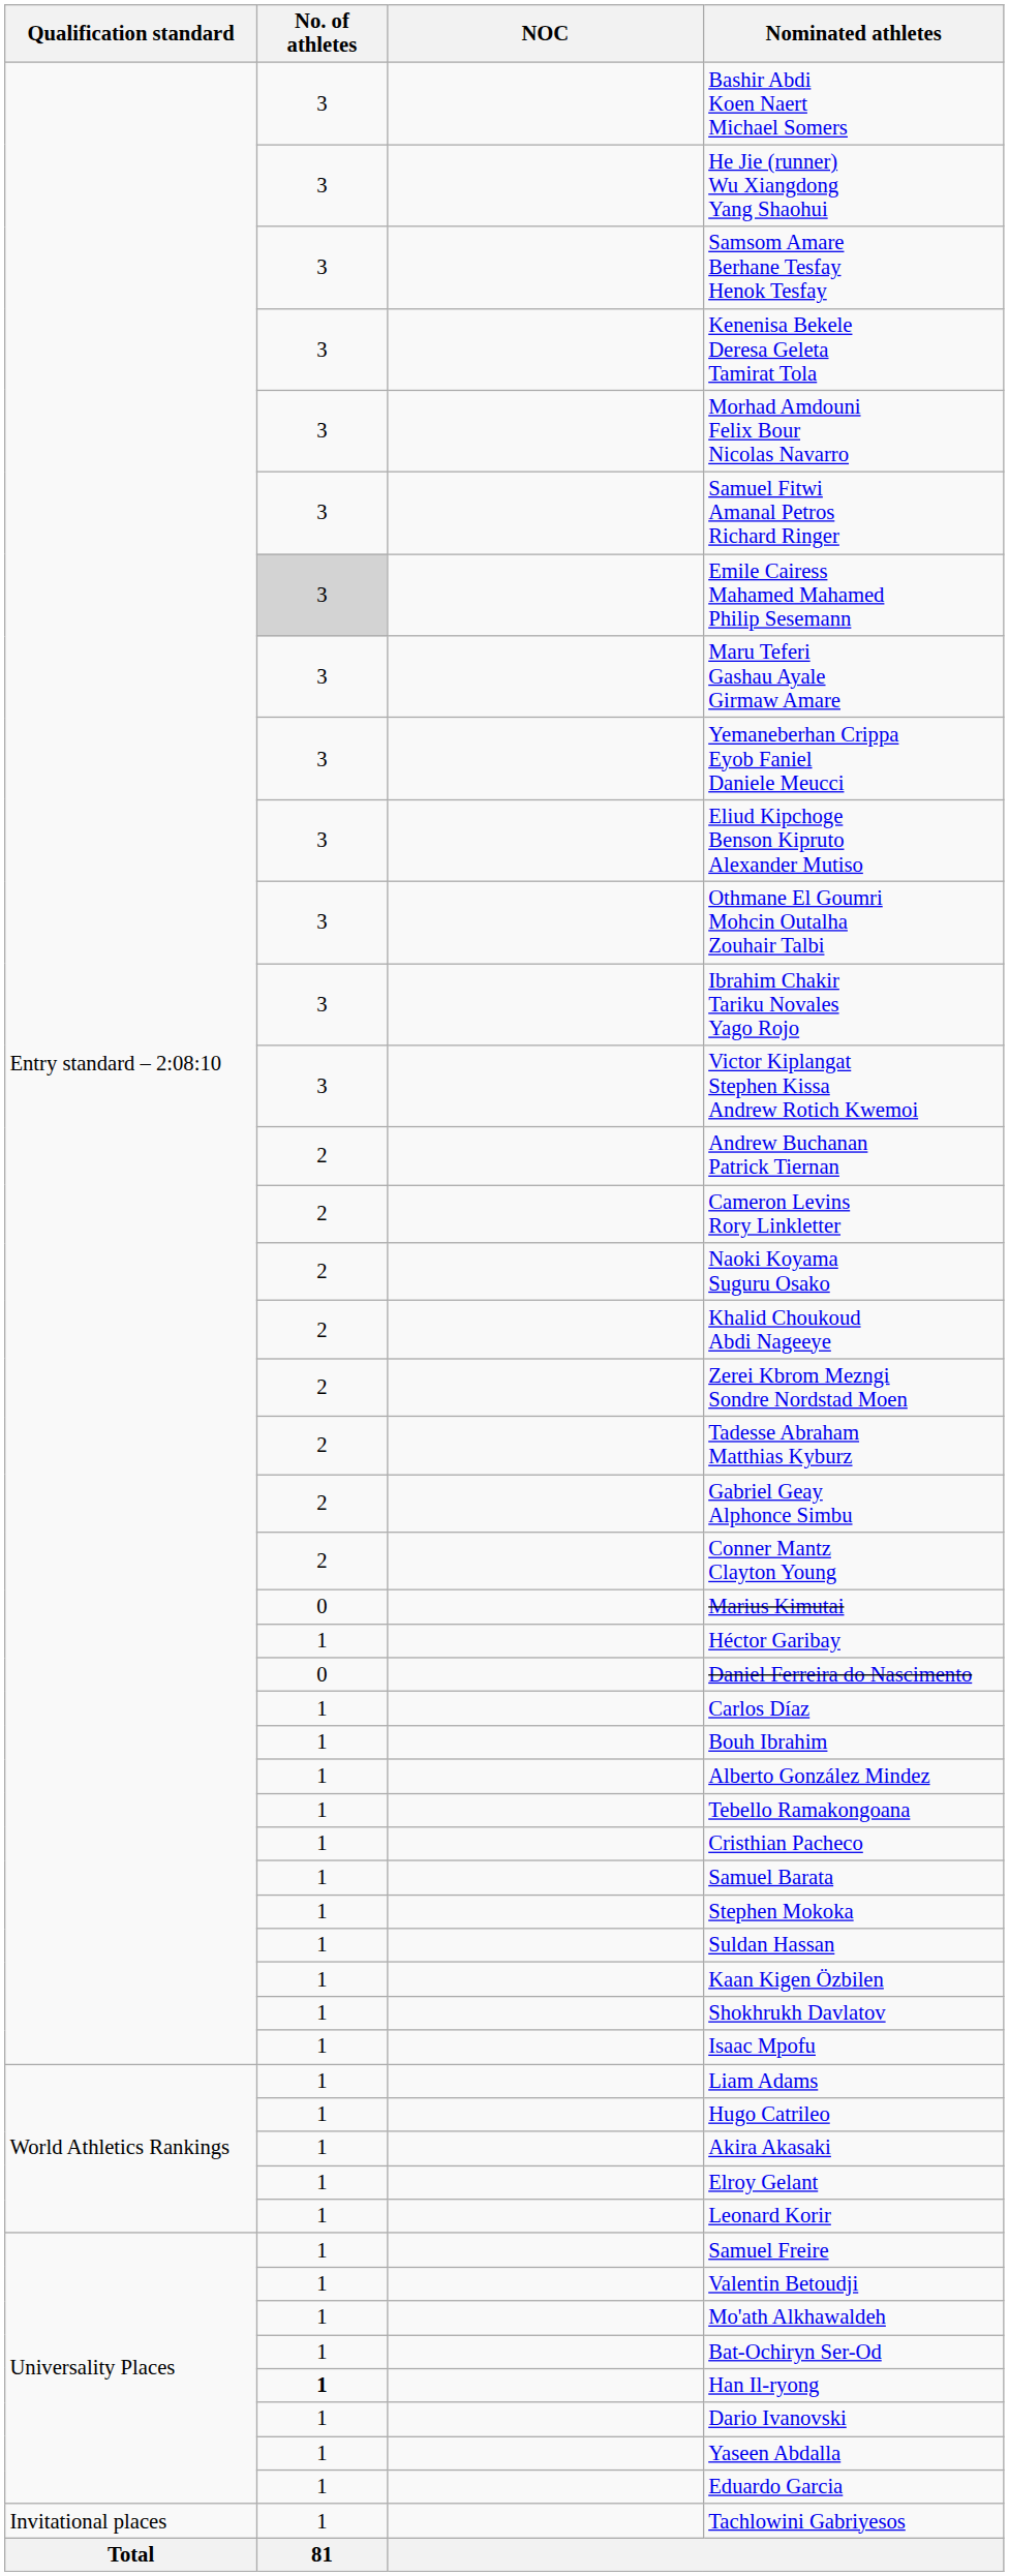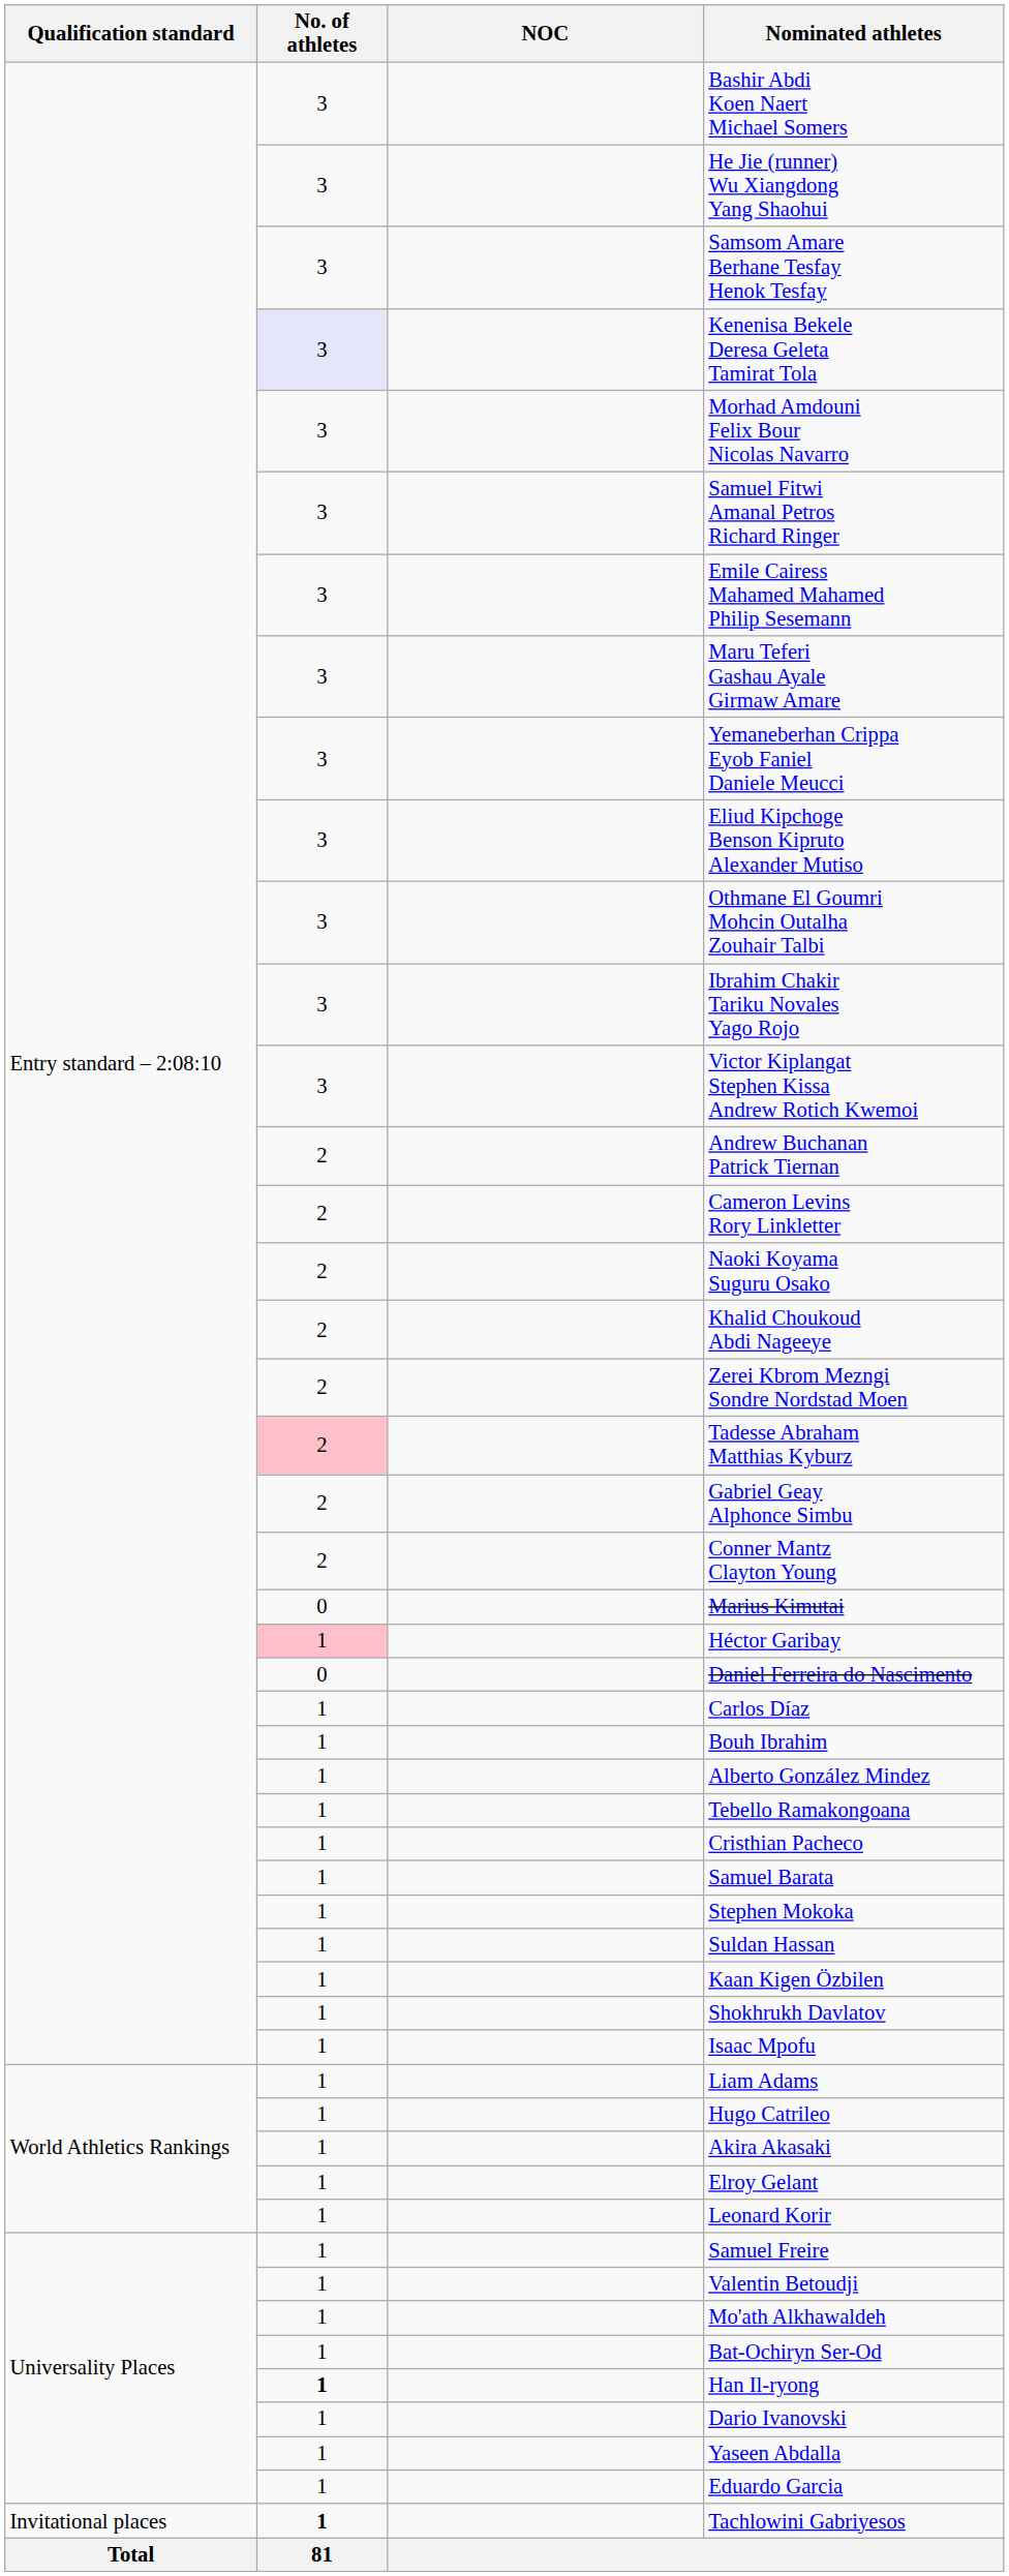 <table class="wikitable sortable" style="text-align:left; width:750px;">
 <tr>
 <th>Qualification standard</th>
 <th width=90>No. of athletes</th>
 <th width=230>NOC</th>
 <th>Nominated athletes</th>
 </tr>
 <tr>
 <td rowspan=35>Entry standard – 2:08:10</td>
 <td align=center>3</td>
 <td></td>
 <td><a href='#'>Bashir Abdi</a><br><a href='#'>Koen Naert</a><br><a href='#'>Michael Somers</a></td>
 </tr>
 <tr>
 <td align=center>3</td>
 <td></td>
 <td><a href='#'>He Jie (runner)</a><br><a href='#'>Wu Xiangdong</a><br><a href='#'>Yang Shaohui</a></td>
 </tr>
 <tr>
 <td align=center>3</td>
 <td></td>
 <td><a href='#'>Samsom Amare</a><br><a href='#'>Berhane Tesfay</a><br><a href='#'>Henok Tesfay</a></td>
 </tr>
 <tr>
-<td align=center>3</td>
+<td align=center style="background: lavender;">3</td>
 <td></td>
 <td><a href='#'>Kenenisa Bekele</a><br><a href='#'>Deresa Geleta</a><br><a href='#'>Tamirat Tola</a></td>
 </tr>
 <tr>
 <td align=center>3</td>
 <td></td>
 <td><a href='#'>Morhad Amdouni</a><br><a href='#'>Felix Bour</a><br><a href='#'>Nicolas Navarro</a></td>
 </tr>
 <tr>
 <td align=center>3</td>
 <td></td>
 <td><a href='#'>Samuel Fitwi</a><br><a href='#'>Amanal Petros</a><br><a href='#'>Richard Ringer</a></td>
 </tr>
 <tr>
-<td align=center style="background: lightgrey;">3</td>
+<td align=center>3</td>
 <td></td>
 <td><a href='#'>Emile Cairess</a><br><a href='#'>Mahamed Mahamed</a><br><a href='#'>Philip Sesemann</a></td>
 </tr>
 <tr>
 <td align=center>3</td>
 <td></td>
 <td><a href='#'>Maru Teferi</a><br><a href='#'>Gashau Ayale</a><br><a href='#'>Girmaw Amare</a></td>
 </tr>
 <tr>
 <td align=center>3</td>
 <td></td>
 <td><a href='#'>Yemaneberhan Crippa</a><br><a href='#'>Eyob Faniel</a><br><a href='#'>Daniele Meucci</a></td>
 </tr>
 <tr>
 <td align=center>3</td>
 <td></td>
 <td><a href='#'>Eliud Kipchoge</a><br><a href='#'>Benson Kipruto</a><br><a href='#'>Alexander Mutiso</a></td>
 </tr>
 <tr>
 <td align=center>3</td>
 <td></td>
 <td><a href='#'>Othmane El Goumri</a><br><a href='#'>Mohcin Outalha</a><br><a href='#'>Zouhair Talbi</a></td>
 </tr>
 <tr>
 <td align=center>3</td>
 <td></td>
 <td><a href='#'>Ibrahim Chakir</a><br><a href='#'>Tariku Novales</a><br><a href='#'>Yago Rojo</a></td>
 </tr>
 <tr>
 <td align=center>3</td>
 <td></td>
 <td><a href='#'>Victor Kiplangat</a><br><a href='#'>Stephen Kissa</a><br><a href='#'>Andrew Rotich Kwemoi</a></td>
 </tr>
 <tr>
 <td align=center>2</td>
 <td></td>
 <td><a href='#'>Andrew Buchanan</a><br><a href='#'>Patrick Tiernan</a></td>
 </tr>
 <tr>
 <td align=center>2</td>
 <td></td>
 <td><a href='#'>Cameron Levins</a><br><a href='#'>Rory Linkletter</a></td>
 </tr>
 <tr>
 <td align=center>2</td>
 <td></td>
 <td><a href='#'>Naoki Koyama</a><br><a href='#'>Suguru Osako</a></td>
 </tr>
 <tr>
 <td align=center>2</td>
 <td></td>
 <td><a href='#'>Khalid Choukoud</a><br><a href='#'>Abdi Nageeye</a></td>
 </tr>
 <tr>
 <td align=center>2</td>
 <td></td>
 <td><a href='#'>Zerei Kbrom Mezngi</a><br><a href='#'>Sondre Nordstad Moen</a></td>
 </tr>
 <tr>
-<td align=center>2</td>
+<td align=center style="background: pink;">2</td>
 <td></td>
 <td><a href='#'>Tadesse Abraham</a><br><a href='#'>Matthias Kyburz</a></td>
 </tr>
 <tr>
 <td align=center>2</td>
 <td></td>
 <td><a href='#'>Gabriel Geay</a><br><a href='#'>Alphonce Simbu</a></td>
 </tr>
 <tr>
 <td align=center>2</td>
 <td></td>
 <td><a href='#'>Conner Mantz</a><br><a href='#'>Clayton Young</a></td>
 </tr>
 <tr>
 <td align=center>0</td>
 <td></td>
 <td><s><a href='#'>Marius Kimutai</a></s></td>
 </tr>
 <tr>
-<td align=center>1</td>
+<td align=center style="background: pink;">1</td>
 <td></td>
 <td><a href='#'>Héctor Garibay</a></td>
 </tr>
 <tr>
 <td align=center>0</td>
 <td></td>
 <td><s><a href='#'>Daniel Ferreira do Nascimento</a></s></td>
 </tr>
 <tr>
 <td align=center>1</td>
 <td></td>
 <td><a href='#'>Carlos Díaz</a></td>
 </tr>
 <tr>
 <td align=center>1</td>
 <td></td>
 <td><a href='#'>Bouh Ibrahim</a></td>
 </tr>
 <tr>
 <td align=center>1</td>
 <td></td>
 <td><a href='#'>Alberto González Mindez</a></td>
 </tr>
 <tr>
 <td align=center>1</td>
 <td></td>
 <td><a href='#'>Tebello Ramakongoana</a></td>
 </tr>
 <tr>
 <td align=center>1</td>
 <td></td>
 <td><a href='#'>Cristhian Pacheco</a></td>
 </tr>
 <tr>
 <td align=center>1</td>
 <td></td>
 <td><a href='#'>Samuel Barata</a></td>
 </tr>
 <tr>
 <td align=center>1</td>
 <td></td>
 <td><a href='#'>Stephen Mokoka</a></td>
 </tr>
 <tr>
 <td align=center>1</td>
 <td></td>
 <td><a href='#'>Suldan Hassan</a></td>
 </tr>
 <tr>
 <td align=center>1</td>
 <td></td>
 <td><a href='#'>Kaan Kigen Özbilen</a></td>
 </tr>
 <tr>
 <td align=center>1</td>
 <td></td>
 <td><a href='#'>Shokhrukh Davlatov</a></td>
 </tr>
 <tr>
 <td align=center>1</td>
 <td></td>
 <td><a href='#'>Isaac Mpofu</a></td>
 </tr>
 <tr>
 <td rowspan=5>World Athletics Rankings</td>
 <td align=center>1</td>
 <td></td>
 <td><a href='#'>Liam Adams</a></td>
 </tr>
 <tr>
 <td align=center>1</td>
 <td></td>
 <td><a href='#'>Hugo Catrileo</a></td>
 </tr>
 <tr>
 <td align=center>1</td>
 <td></td>
 <td><a href='#'>Akira Akasaki</a></td>
 </tr>
 <tr>
 <td align=center>1</td>
 <td></td>
 <td><a href='#'>Elroy Gelant</a></td>
 </tr>
 <tr>
 <td align=center>1</td>
 <td></td>
 <td><a href='#'>Leonard Korir</a></td>
 </tr>
 <tr>
 <td rowspan=8>Universality Places</td>
 <td align=center>1</td>
 <td></td>
 <td><a href='#'>Samuel Freire</a></td>
 </tr>
 <tr>
 <td align=center>1</td>
 <td></td>
 <td><a href='#'>Valentin Betoudji</a></td>
 </tr>
 <tr>
 <td align=center>1</td>
 <td></td>
 <td><a href='#'>Mo'ath Alkhawaldeh</a></td>
 </tr>
 <tr>
 <td align=center>1</td>
 <td></td>
 <td><a href='#'>Bat-Ochiryn Ser-Od</a></td>
 </tr>
 <tr>
 <td align=center><strong>1</strong></td>
 <td></td>
 <td><a href='#'>Han Il-ryong</a></td>
 </tr>
 <tr>
 <td align=center>1</td>
 <td></td>
 <td><a href='#'>Dario Ivanovski</a></td>
 </tr>
 <tr>
 <td align=center>1</td>
 <td></td>
 <td><a href='#'>Yaseen Abdalla</a></td>
 </tr>
 <tr>
 <td align=center>1</td>
 <td></td>
 <td><a href='#'>Eduardo Garcia</a></td>
 </tr>
 <tr>
 <td>Invitational places</td>
-<td align=center>1</td>
+<td align=center><strong>1</strong></td>
 <td></td>
 <td><a href='#'>Tachlowini Gabriyesos</a></td>
 </tr>
 <tr>
 <th>Total</th>
 <th>81</th>
 <th colspan=2></th>
 </tr>
 </table>
